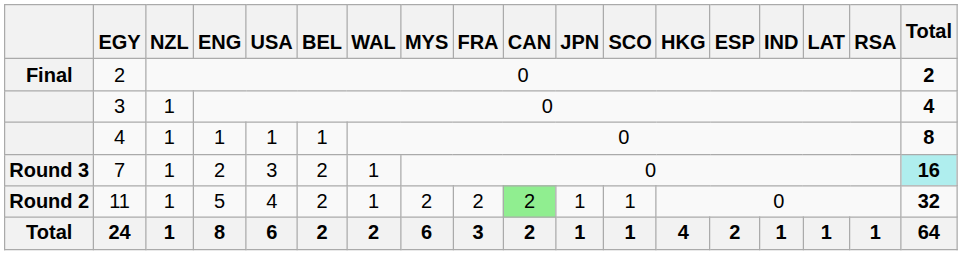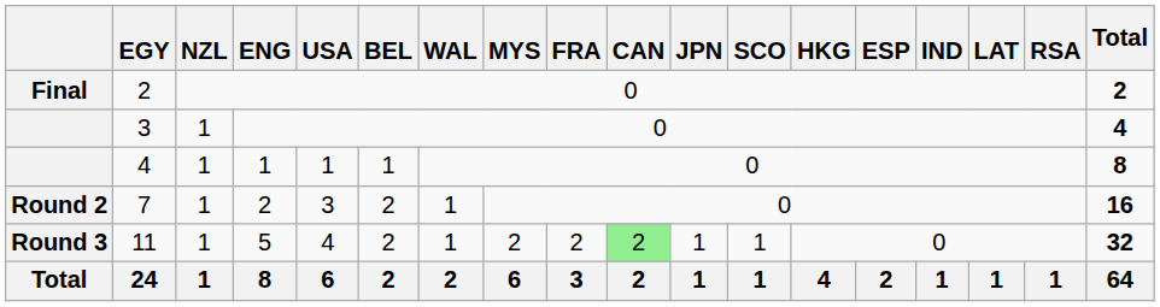 <table class="wikitable">
 <tr>
 <th></th>
 <th> <br>EGY</th>
 <th> <br>NZL</th>
 <th> <br>ENG</th>
 <th> <br>USA</th>
 <th> <br>BEL</th>
 <th> <br>WAL</th>
 <th> <br>MYS</th>
 <th> <br>FRA</th>
 <th> <br>CAN</th>
 <th> <br>JPN</th>
 <th> <br>SCO</th>
 <th> <br>HKG</th>
 <th> <br>ESP</th>
 <th> <br>IND</th>
 <th> <br>LAT</th>
 <th> <br>RSA</th>
 <th>Total</th>
 </tr>
 <tr align="center">
 <th>Final</th>
 <td>2</td>
 <td colspan=15>0</td>
 <td><strong>2</strong></td>
 </tr>
 <tr align="center">
 <th></th>
 <td>3</td>
 <td>1</td>
 <td colspan=14>0</td>
 <td><strong>4</strong></td>
 </tr>
 <tr align="center">
 <th></th>
 <td>4</td>
 <td>1</td>
 <td>1</td>
 <td>1</td>
 <td>1</td>
 <td colspan=11>0</td>
 <td><strong>8</strong></td>
 </tr>
 <tr align="center">
-<th>Round 3</th>
+<th>Round 2</th>
 <td>7</td>
 <td>1</td>
 <td>2</td>
 <td>3</td>
 <td>2</td>
 <td>1</td>
 <td colspan=10>0</td>
-<td style="background: paleturquoise;"><strong>16</strong></td>
+<td><strong>16</strong></td>
 </tr>
 <tr align="center">
-<th>Round 2</th>
+<th>Round 3</th>
 <td>11</td>
 <td>1</td>
 <td>5</td>
 <td>4</td>
 <td>2</td>
 <td>1</td>
 <td>2</td>
 <td>2</td>
 <td style="background: lightgreen;">2</td>
 <td>1</td>
 <td>1</td>
 <td colspan=5>0</td>
 <td><strong>32</strong></td>
 </tr>
 <tr align="center">
 <th>Total</th>
 <th>24</th>
 <th>1</th>
 <th>8</th>
 <th>6</th>
 <th>2</th>
 <th>2</th>
 <th>6</th>
 <th>3</th>
 <th>2</th>
 <th>1</th>
 <th>1</th>
 <th>4</th>
 <th>2</th>
 <th>1</th>
 <th>1</th>
 <th>1</th>
 <th>64</th>
 </tr>
 </table>
